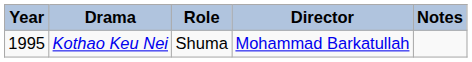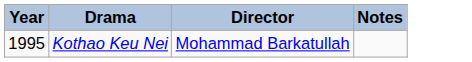 <table class="wikitable sortable">
 <tr>
 <th style="background:#B0C4DE;">Year</th>
 <th style="background:#B0C4DE;">Drama</th>
-<th style="background:#B0C4DE;">Role</th>
 <th style="background:#B0C4DE;">Director</th>
 <th style="background:#B0C4DE;">Notes</th>
 </tr>
 <tr>
 <td>1995</td>
 <td><em><a href='#'>Kothao Keu Nei</a></em></td>
-<td>Shuma</td>
 <td><a href='#'>Mohammad Barkatullah</a></td>
 <td></td>
 </tr>
 </table>
